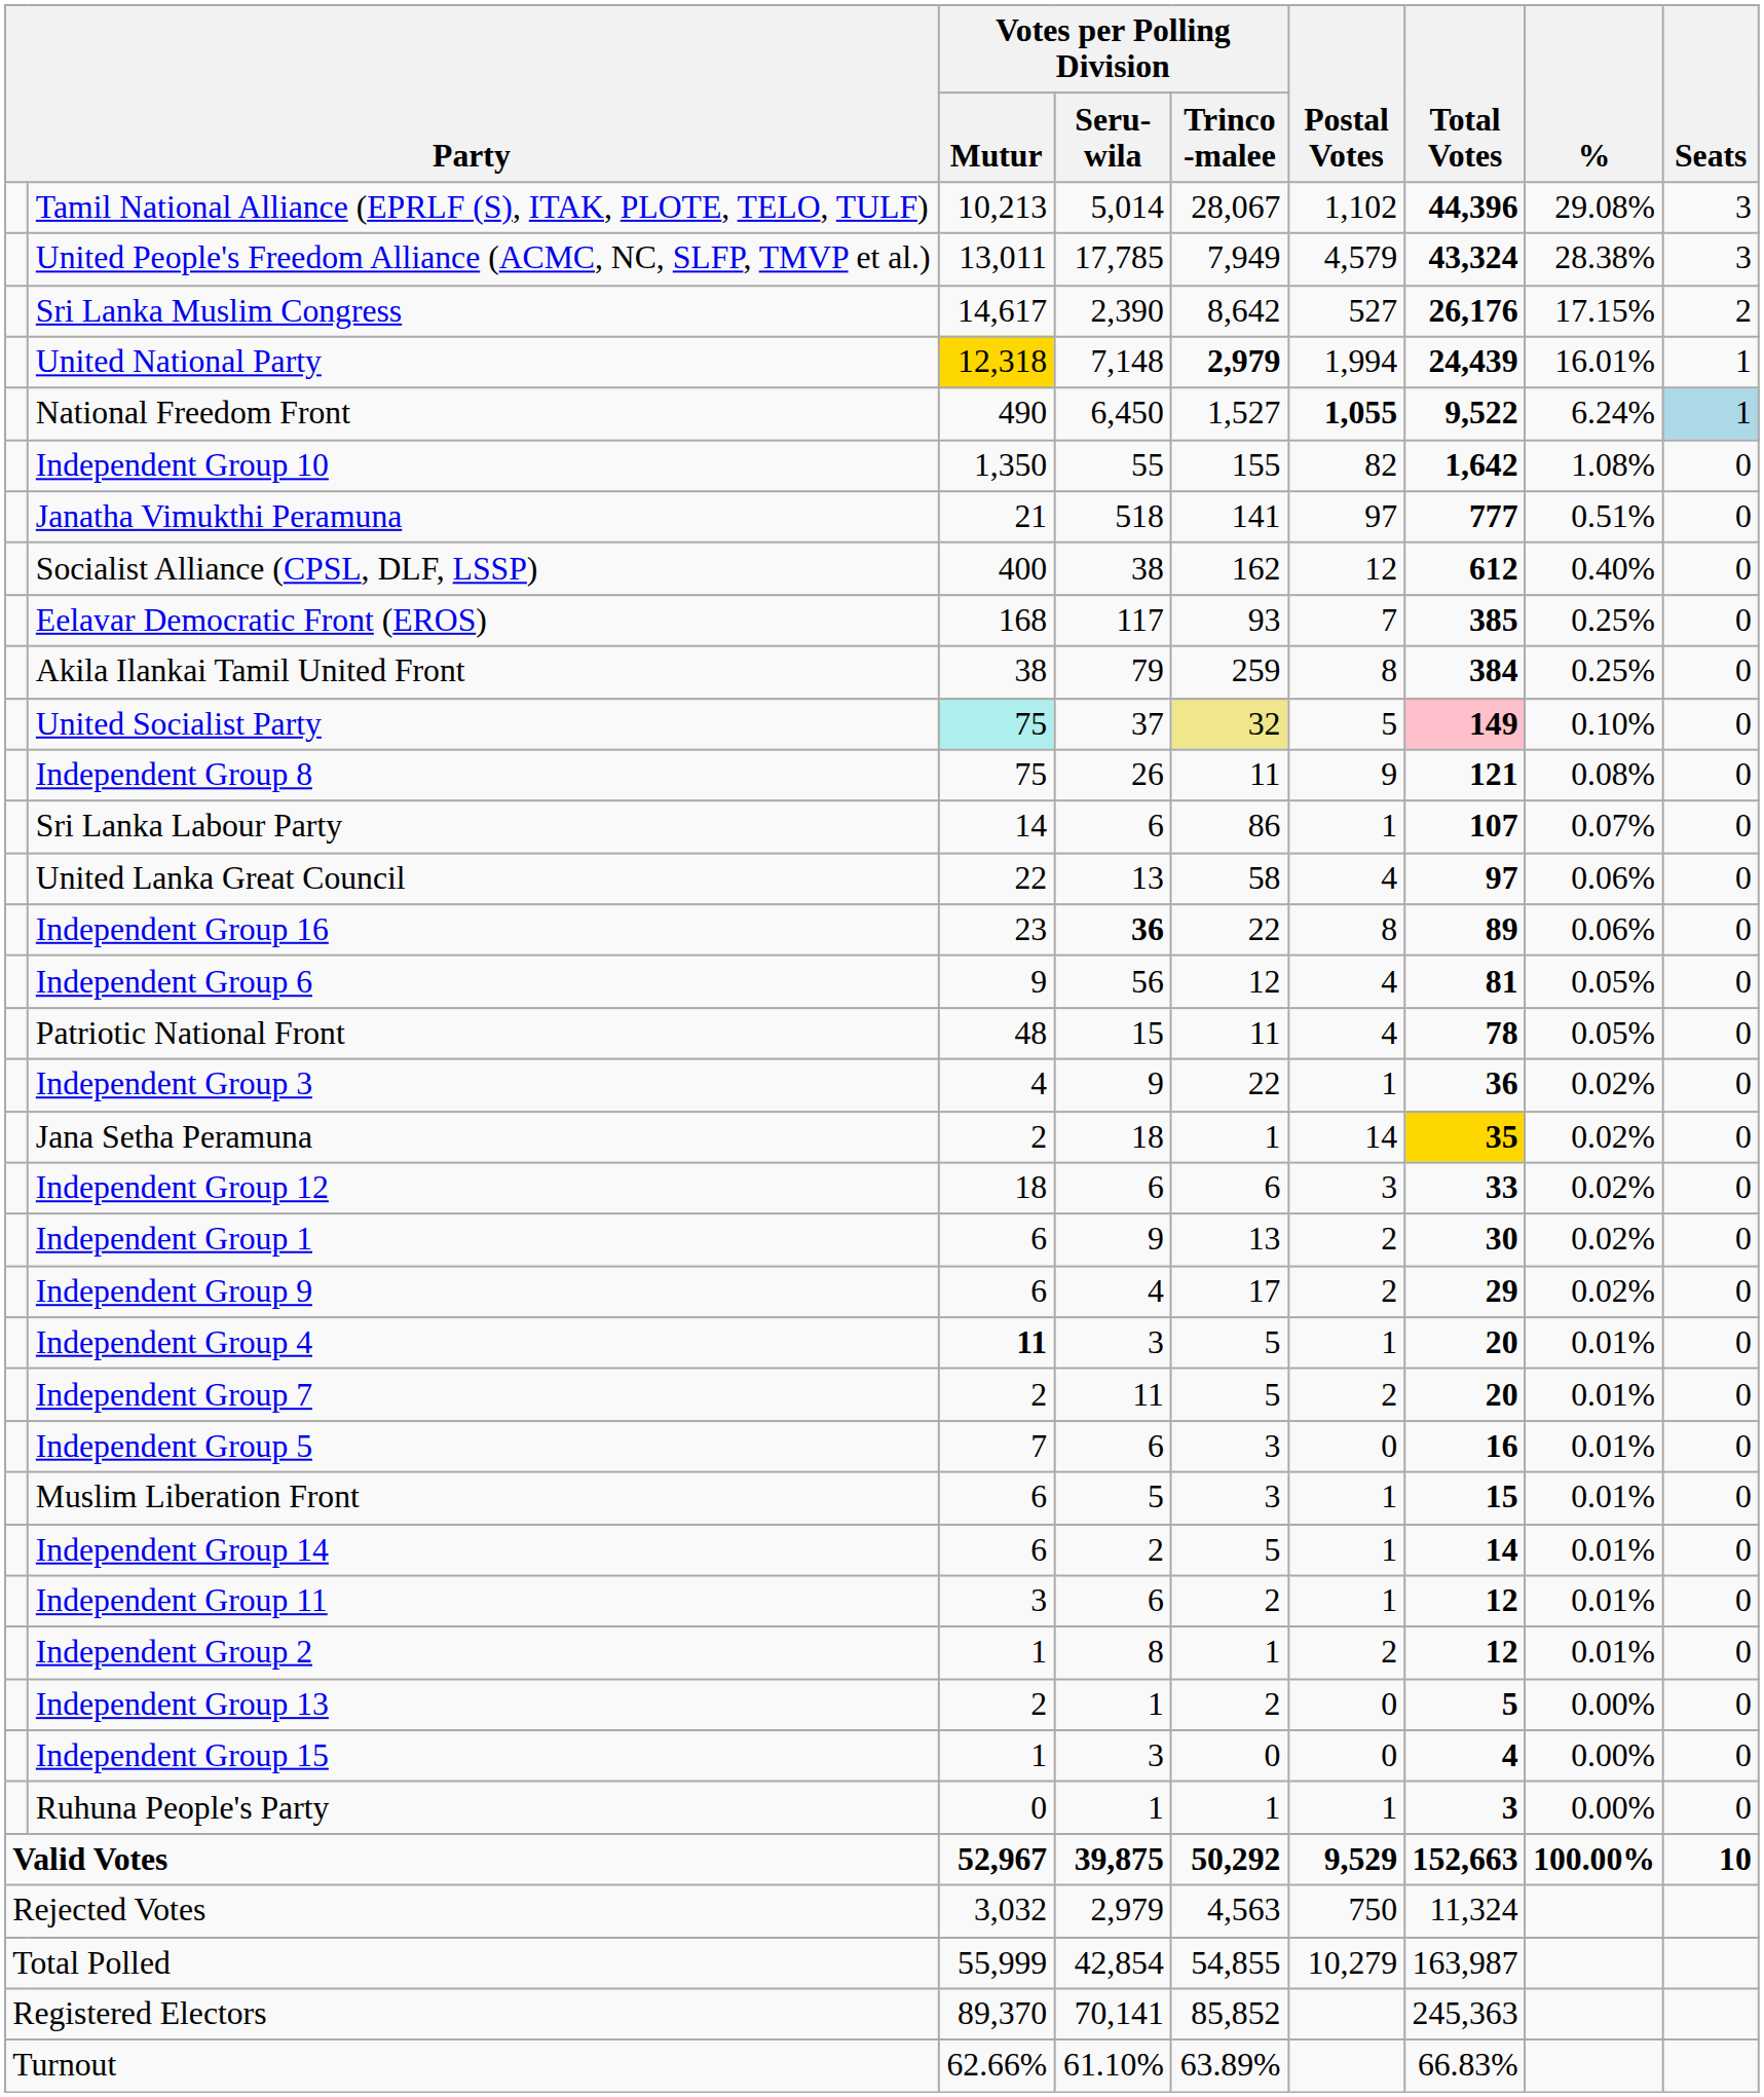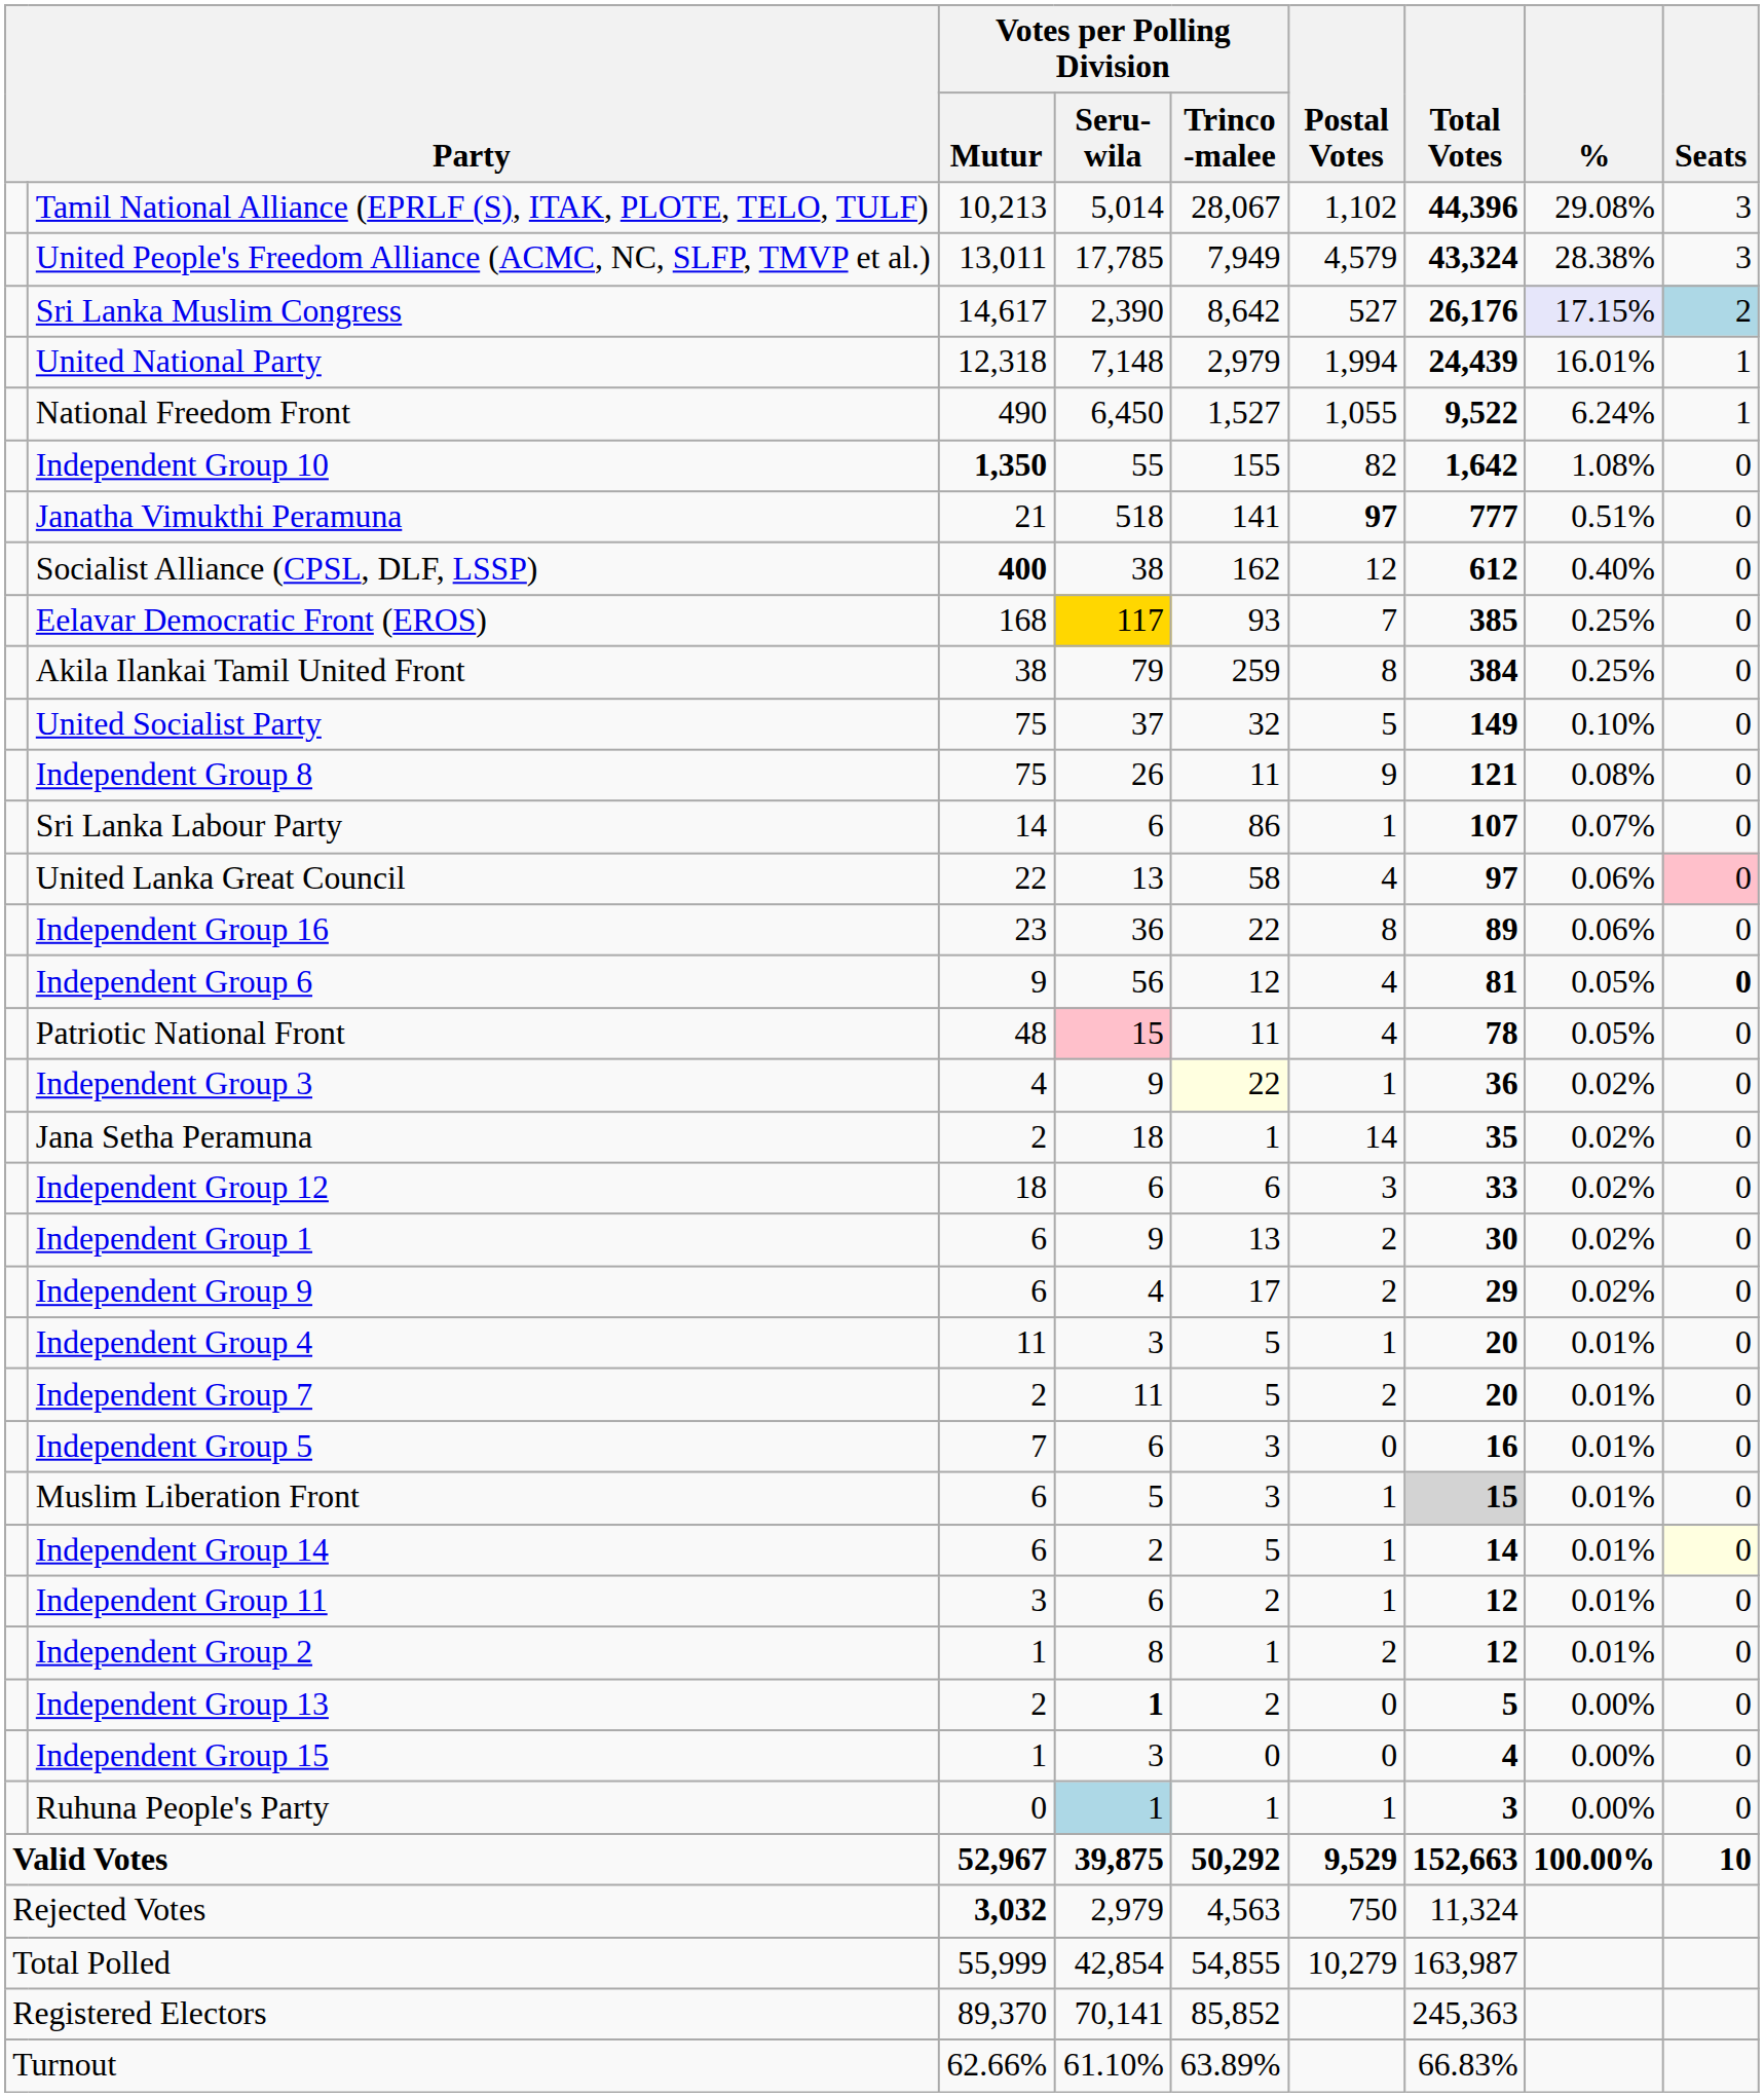 <table class="wikitable" border="1" style="text-align:right;">
 <tr>
 <th align=left valign=bottom rowspan=2 colspan=2>Party</th>
 <th colspan=3>Votes per Polling Division</th>
 <th align=center valign=bottom rowspan=2 width="50">Postal<br>Votes</th>
 <th align=center valign=bottom rowspan=2 width="50">Total Votes</th>
 <th align=center valign=bottom rowspan=2 width="50">%</th>
 <th align=center valign=bottom rowspan=2 width="40">Seats</th>
 </tr>
 <tr>
 <th align=center valign=bottom width="50">Mutur</th>
 <th align=center valign=bottom width="50">Seru-<br>wila</th>
 <th align=center valign=bottom width="50">Trinco<br>-malee</th>
 </tr>
 <tr>
 <td bgcolor=> </td>
 <td align=left><a href='#'>Tamil National Alliance</a> (<a href='#'>EPRLF (S)</a>, <a href='#'>ITAK</a>, <a href='#'>PLOTE</a>, <a href='#'>TELO</a>, <a href='#'>TULF</a>)</td>
 <td>10,213</td>
 <td>5,014</td>
 <td>28,067</td>
 <td>1,102</td>
 <td><strong>44,396</strong></td>
 <td>29.08%</td>
 <td>3</td>
 </tr>
 <tr>
 <td bgcolor=> </td>
 <td align=left><a href='#'>United People's Freedom Alliance</a> (<a href='#'>ACMC</a>, NC, <a href='#'>SLFP</a>, <a href='#'>TMVP</a> et al.)</td>
 <td>13,011</td>
 <td>17,785</td>
 <td>7,949</td>
 <td>4,579</td>
 <td><strong>43,324</strong></td>
 <td>28.38%</td>
 <td>3</td>
 </tr>
 <tr>
 <td bgcolor=> </td>
 <td align=left><a href='#'>Sri Lanka Muslim Congress</a></td>
 <td>14,617</td>
 <td>2,390</td>
 <td>8,642</td>
 <td>527</td>
 <td><strong>26,176</strong></td>
-<td>17.15%</td>
-<td>2</td>
+<td style="background: lavender;">17.15%</td>
+<td style="background: lightblue;">2</td>
 </tr>
 <tr>
 <td bgcolor=> </td>
 <td align=left><a href='#'>United National Party</a></td>
-<td style="background: gold;">12,318</td>
+<td>12,318</td>
 <td>7,148</td>
-<td><strong>2,979</strong></td>
+<td>2,979</td>
 <td>1,994</td>
 <td><strong>24,439</strong></td>
 <td>16.01%</td>
 <td>1</td>
 </tr>
 <tr>
 <td></td>
 <td align=left>National Freedom Front</td>
 <td>490</td>
 <td>6,450</td>
 <td>1,527</td>
-<td><strong>1,055</strong></td>
+<td>1,055</td>
 <td><strong>9,522</strong></td>
 <td>6.24%</td>
-<td style="background: lightblue;">1</td>
+<td>1</td>
 </tr>
 <tr>
 <td bgcolor=> </td>
 <td align=left><a href='#'>Independent Group 10</a></td>
-<td>1,350</td>
+<td><strong>1,350</strong></td>
 <td>55</td>
 <td>155</td>
 <td>82</td>
 <td><strong>1,642</strong></td>
 <td>1.08%</td>
 <td>0</td>
 </tr>
 <tr>
 <td bgcolor=> </td>
 <td align=left><a href='#'>Janatha Vimukthi Peramuna</a></td>
 <td>21</td>
 <td>518</td>
 <td>141</td>
-<td>97</td>
+<td><strong>97</strong></td>
 <td><strong>777</strong></td>
 <td>0.51%</td>
 <td>0</td>
 </tr>
 <tr>
 <td></td>
 <td align=left>Socialist Alliance (<a href='#'>CPSL</a>, DLF, <a href='#'>LSSP</a>)</td>
-<td>400</td>
+<td><strong>400</strong></td>
 <td>38</td>
 <td>162</td>
 <td>12</td>
 <td><strong>612</strong></td>
 <td>0.40%</td>
 <td>0</td>
 </tr>
 <tr>
 <td bgcolor=> </td>
 <td align=left><a href='#'>Eelavar Democratic Front</a> (<a href='#'>EROS</a>)</td>
 <td>168</td>
-<td>117</td>
+<td style="background: gold;">117</td>
 <td>93</td>
 <td>7</td>
 <td><strong>385</strong></td>
 <td>0.25%</td>
 <td>0</td>
 </tr>
 <tr>
 <td></td>
 <td align=left>Akila Ilankai Tamil United Front</td>
 <td>38</td>
 <td>79</td>
 <td>259</td>
 <td>8</td>
 <td><strong>384</strong></td>
 <td>0.25%</td>
 <td>0</td>
 </tr>
 <tr>
 <td></td>
 <td align=left><a href='#'>United Socialist Party</a></td>
-<td style="background: paleturquoise;">75</td>
+<td>75</td>
 <td>37</td>
-<td style="background: khaki;">32</td>
+<td>32</td>
 <td>5</td>
-<td style="background: pink;"><strong>149</strong></td>
+<td><strong>149</strong></td>
 <td>0.10%</td>
 <td>0</td>
 </tr>
 <tr>
 <td bgcolor=> </td>
 <td align=left><a href='#'>Independent Group 8</a></td>
 <td>75</td>
 <td>26</td>
 <td>11</td>
 <td>9</td>
 <td><strong>121</strong></td>
 <td>0.08%</td>
 <td>0</td>
 </tr>
 <tr>
 <td></td>
 <td align=left>Sri Lanka Labour Party</td>
 <td>14</td>
 <td>6</td>
 <td>86</td>
 <td>1</td>
 <td><strong>107</strong></td>
 <td>0.07%</td>
 <td>0</td>
 </tr>
 <tr>
 <td></td>
 <td align=left>United Lanka Great Council</td>
 <td>22</td>
 <td>13</td>
 <td>58</td>
 <td>4</td>
 <td><strong>97</strong></td>
 <td>0.06%</td>
-<td>0</td>
+<td style="background: pink;">0</td>
 </tr>
 <tr>
 <td bgcolor=> </td>
 <td align=left><a href='#'>Independent Group 16</a></td>
 <td>23</td>
-<td><strong>36</strong></td>
+<td>36</td>
 <td>22</td>
 <td>8</td>
 <td><strong>89</strong></td>
 <td>0.06%</td>
 <td>0</td>
 </tr>
 <tr>
 <td bgcolor=> </td>
 <td align=left><a href='#'>Independent Group 6</a></td>
 <td>9</td>
 <td>56</td>
 <td>12</td>
 <td>4</td>
 <td><strong>81</strong></td>
 <td>0.05%</td>
-<td>0</td>
+<td><strong>0</strong></td>
 </tr>
 <tr>
 <td></td>
 <td align=left>Patriotic National Front</td>
 <td>48</td>
-<td>15</td>
+<td style="background: pink;">15</td>
 <td>11</td>
 <td>4</td>
 <td><strong>78</strong></td>
 <td>0.05%</td>
 <td>0</td>
 </tr>
 <tr>
 <td bgcolor=> </td>
 <td align=left><a href='#'>Independent Group 3</a></td>
 <td>4</td>
 <td>9</td>
-<td>22</td>
+<td style="background: lightyellow;">22</td>
 <td>1</td>
 <td><strong>36</strong></td>
 <td>0.02%</td>
 <td>0</td>
 </tr>
 <tr>
 <td></td>
 <td align=left>Jana Setha Peramuna</td>
 <td>2</td>
 <td>18</td>
 <td>1</td>
 <td>14</td>
-<td style="background: gold;"><strong>35</strong></td>
+<td><strong>35</strong></td>
 <td>0.02%</td>
 <td>0</td>
 </tr>
 <tr>
 <td bgcolor=> </td>
 <td align=left><a href='#'>Independent Group 12</a></td>
 <td>18</td>
 <td>6</td>
 <td>6</td>
 <td>3</td>
 <td><strong>33</strong></td>
 <td>0.02%</td>
 <td>0</td>
 </tr>
 <tr>
 <td bgcolor=> </td>
 <td align=left><a href='#'>Independent Group 1</a></td>
 <td>6</td>
 <td>9</td>
 <td>13</td>
 <td>2</td>
 <td><strong>30</strong></td>
 <td>0.02%</td>
 <td>0</td>
 </tr>
 <tr>
 <td bgcolor=> </td>
 <td align=left><a href='#'>Independent Group 9</a></td>
 <td>6</td>
 <td>4</td>
 <td>17</td>
 <td>2</td>
 <td><strong>29</strong></td>
 <td>0.02%</td>
 <td>0</td>
 </tr>
 <tr>
 <td bgcolor=> </td>
 <td align=left><a href='#'>Independent Group 4</a></td>
-<td><strong>11</strong></td>
+<td>11</td>
 <td>3</td>
 <td>5</td>
 <td>1</td>
 <td><strong>20</strong></td>
 <td>0.01%</td>
 <td>0</td>
 </tr>
 <tr>
 <td bgcolor=> </td>
 <td align=left><a href='#'>Independent Group 7</a></td>
 <td>2</td>
 <td>11</td>
 <td>5</td>
 <td>2</td>
 <td><strong>20</strong></td>
 <td>0.01%</td>
 <td>0</td>
 </tr>
 <tr>
 <td bgcolor=> </td>
 <td align=left><a href='#'>Independent Group 5</a></td>
 <td>7</td>
 <td>6</td>
 <td>3</td>
 <td>0</td>
 <td><strong>16</strong></td>
 <td>0.01%</td>
 <td>0</td>
 </tr>
 <tr>
 <td></td>
 <td align=left>Muslim Liberation Front</td>
 <td>6</td>
 <td>5</td>
 <td>3</td>
 <td>1</td>
-<td><strong>15</strong></td>
+<td style="background: lightgrey;"><strong>15</strong></td>
 <td>0.01%</td>
 <td>0</td>
 </tr>
 <tr>
 <td bgcolor=> </td>
 <td align=left><a href='#'>Independent Group 14</a></td>
 <td>6</td>
 <td>2</td>
 <td>5</td>
 <td>1</td>
 <td><strong>14</strong></td>
 <td>0.01%</td>
-<td>0</td>
+<td style="background: lightyellow;">0</td>
 </tr>
 <tr>
 <td bgcolor=> </td>
 <td align=left><a href='#'>Independent Group 11</a></td>
 <td>3</td>
 <td>6</td>
 <td>2</td>
 <td>1</td>
 <td><strong>12</strong></td>
 <td>0.01%</td>
 <td>0</td>
 </tr>
 <tr>
 <td bgcolor=> </td>
 <td align=left><a href='#'>Independent Group 2</a></td>
 <td>1</td>
 <td>8</td>
 <td>1</td>
 <td>2</td>
 <td><strong>12</strong></td>
 <td>0.01%</td>
 <td>0</td>
 </tr>
 <tr>
 <td bgcolor=> </td>
 <td align=left><a href='#'>Independent Group 13</a></td>
 <td>2</td>
-<td>1</td>
+<td><strong>1</strong></td>
 <td>2</td>
 <td>0</td>
 <td><strong>5</strong></td>
 <td>0.00%</td>
 <td>0</td>
 </tr>
 <tr>
 <td bgcolor=> </td>
 <td align=left><a href='#'>Independent Group 15</a></td>
 <td>1</td>
 <td>3</td>
 <td>0</td>
 <td>0</td>
 <td><strong>4</strong></td>
 <td>0.00%</td>
 <td>0</td>
 </tr>
 <tr>
 <td></td>
 <td align=left>Ruhuna People's Party</td>
 <td>0</td>
-<td>1</td>
+<td style="background: lightblue;">1</td>
 <td>1</td>
 <td>1</td>
 <td><strong>3</strong></td>
 <td>0.00%</td>
 <td>0</td>
 </tr>
 <tr>
 <td align=left colspan=2><strong>Valid Votes</strong></td>
 <td><strong>52,967</strong></td>
 <td><strong>39,875</strong></td>
 <td><strong>50,292</strong></td>
 <td><strong>9,529</strong></td>
 <td><strong>152,663</strong></td>
 <td><strong>100.00%</strong></td>
 <td><strong>10</strong></td>
 </tr>
 <tr>
 <td align=left colspan=2>Rejected Votes</td>
-<td>3,032</td>
+<td><strong>3,032</strong></td>
 <td>2,979</td>
 <td>4,563</td>
 <td>750</td>
 <td>11,324</td>
 <td></td>
 <td></td>
 </tr>
 <tr>
 <td align=left colspan=2>Total Polled</td>
 <td>55,999</td>
 <td>42,854</td>
 <td>54,855</td>
 <td>10,279</td>
 <td>163,987</td>
 <td></td>
 <td></td>
 </tr>
 <tr>
 <td align=left colspan=2>Registered Electors</td>
 <td>89,370</td>
 <td>70,141</td>
 <td>85,852</td>
 <td></td>
 <td>245,363</td>
 <td></td>
 <td></td>
 </tr>
 <tr>
 <td align=left colspan=2>Turnout</td>
 <td>62.66%</td>
 <td>61.10%</td>
 <td>63.89%</td>
 <td></td>
 <td>66.83%</td>
 <td></td>
 <td></td>
 </tr>
 </table>
